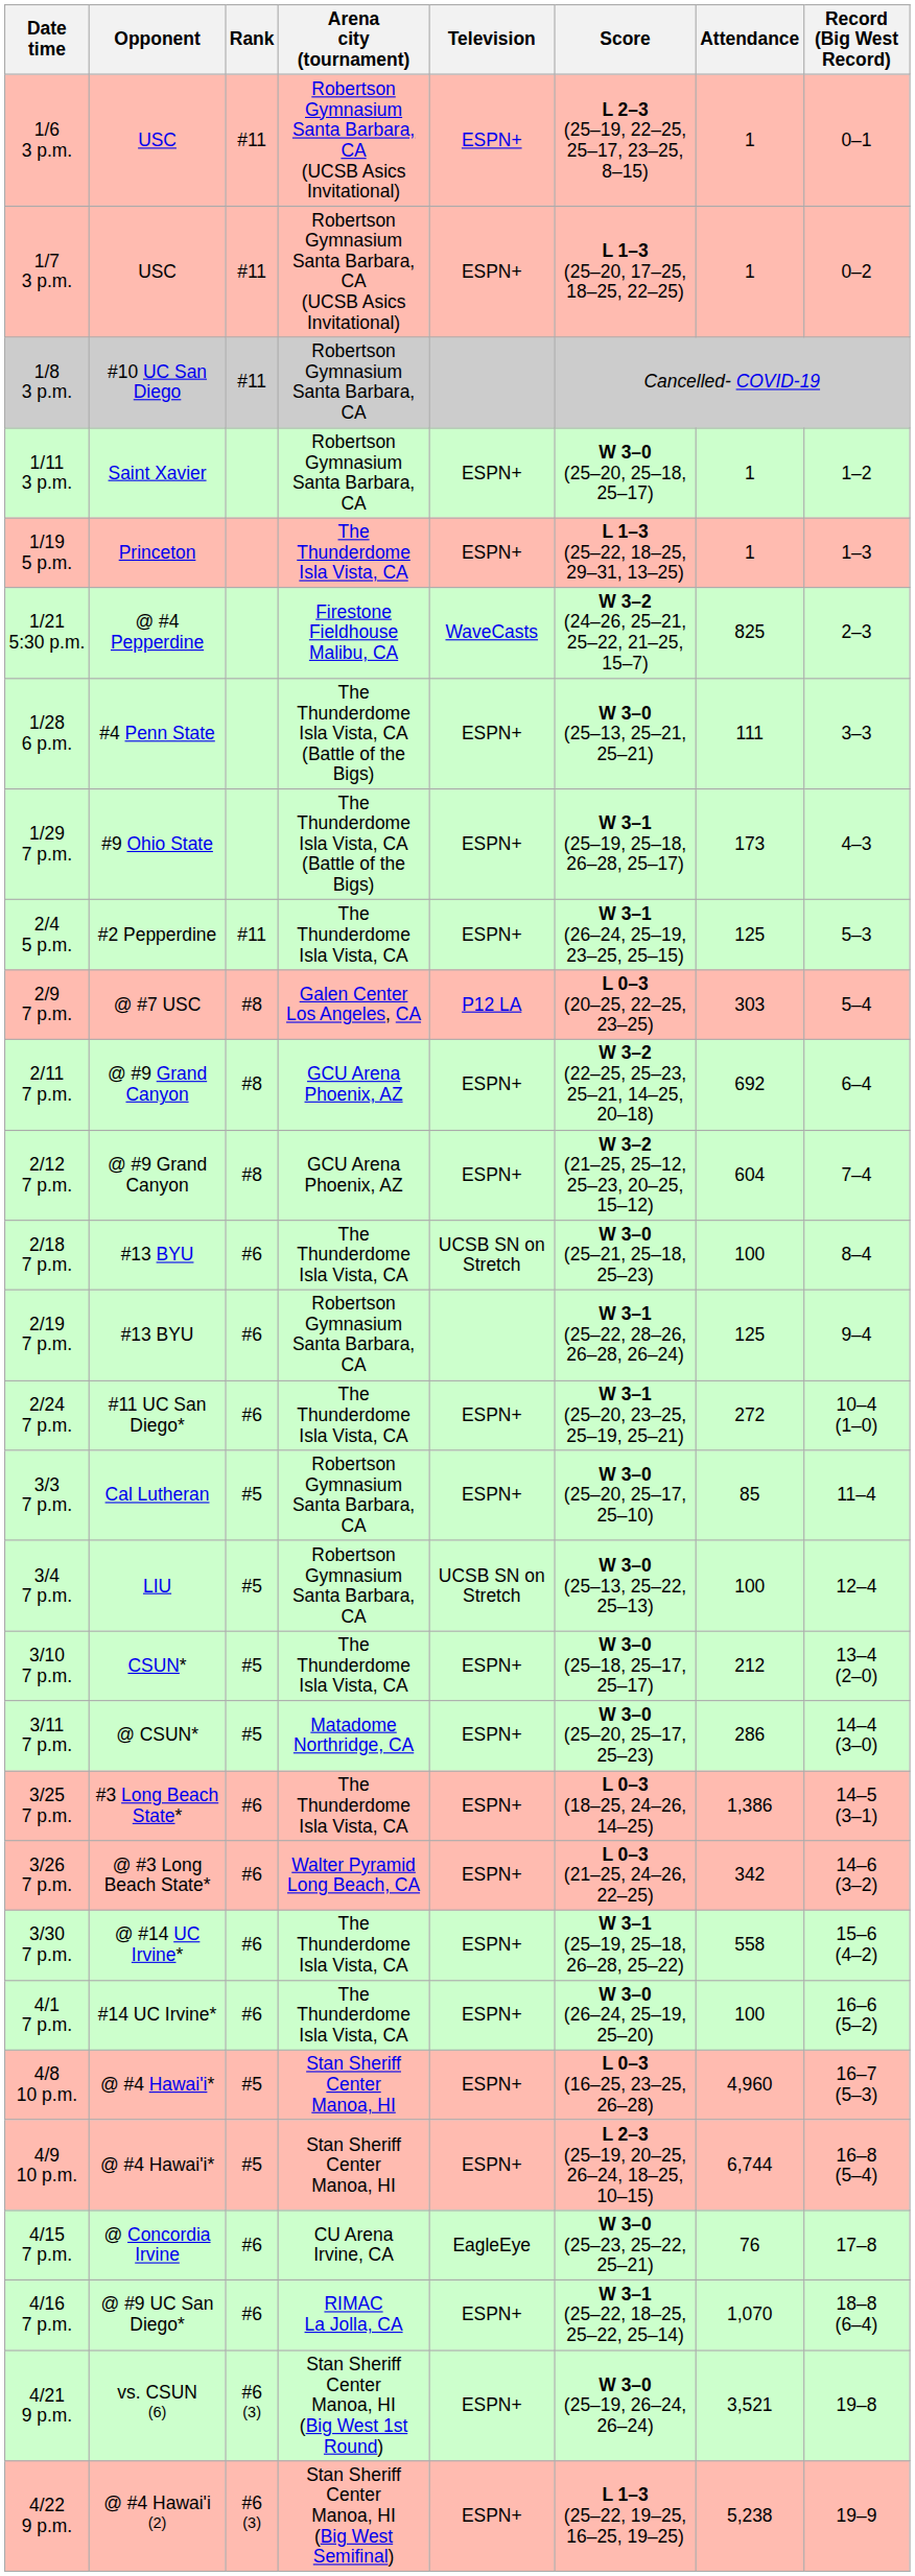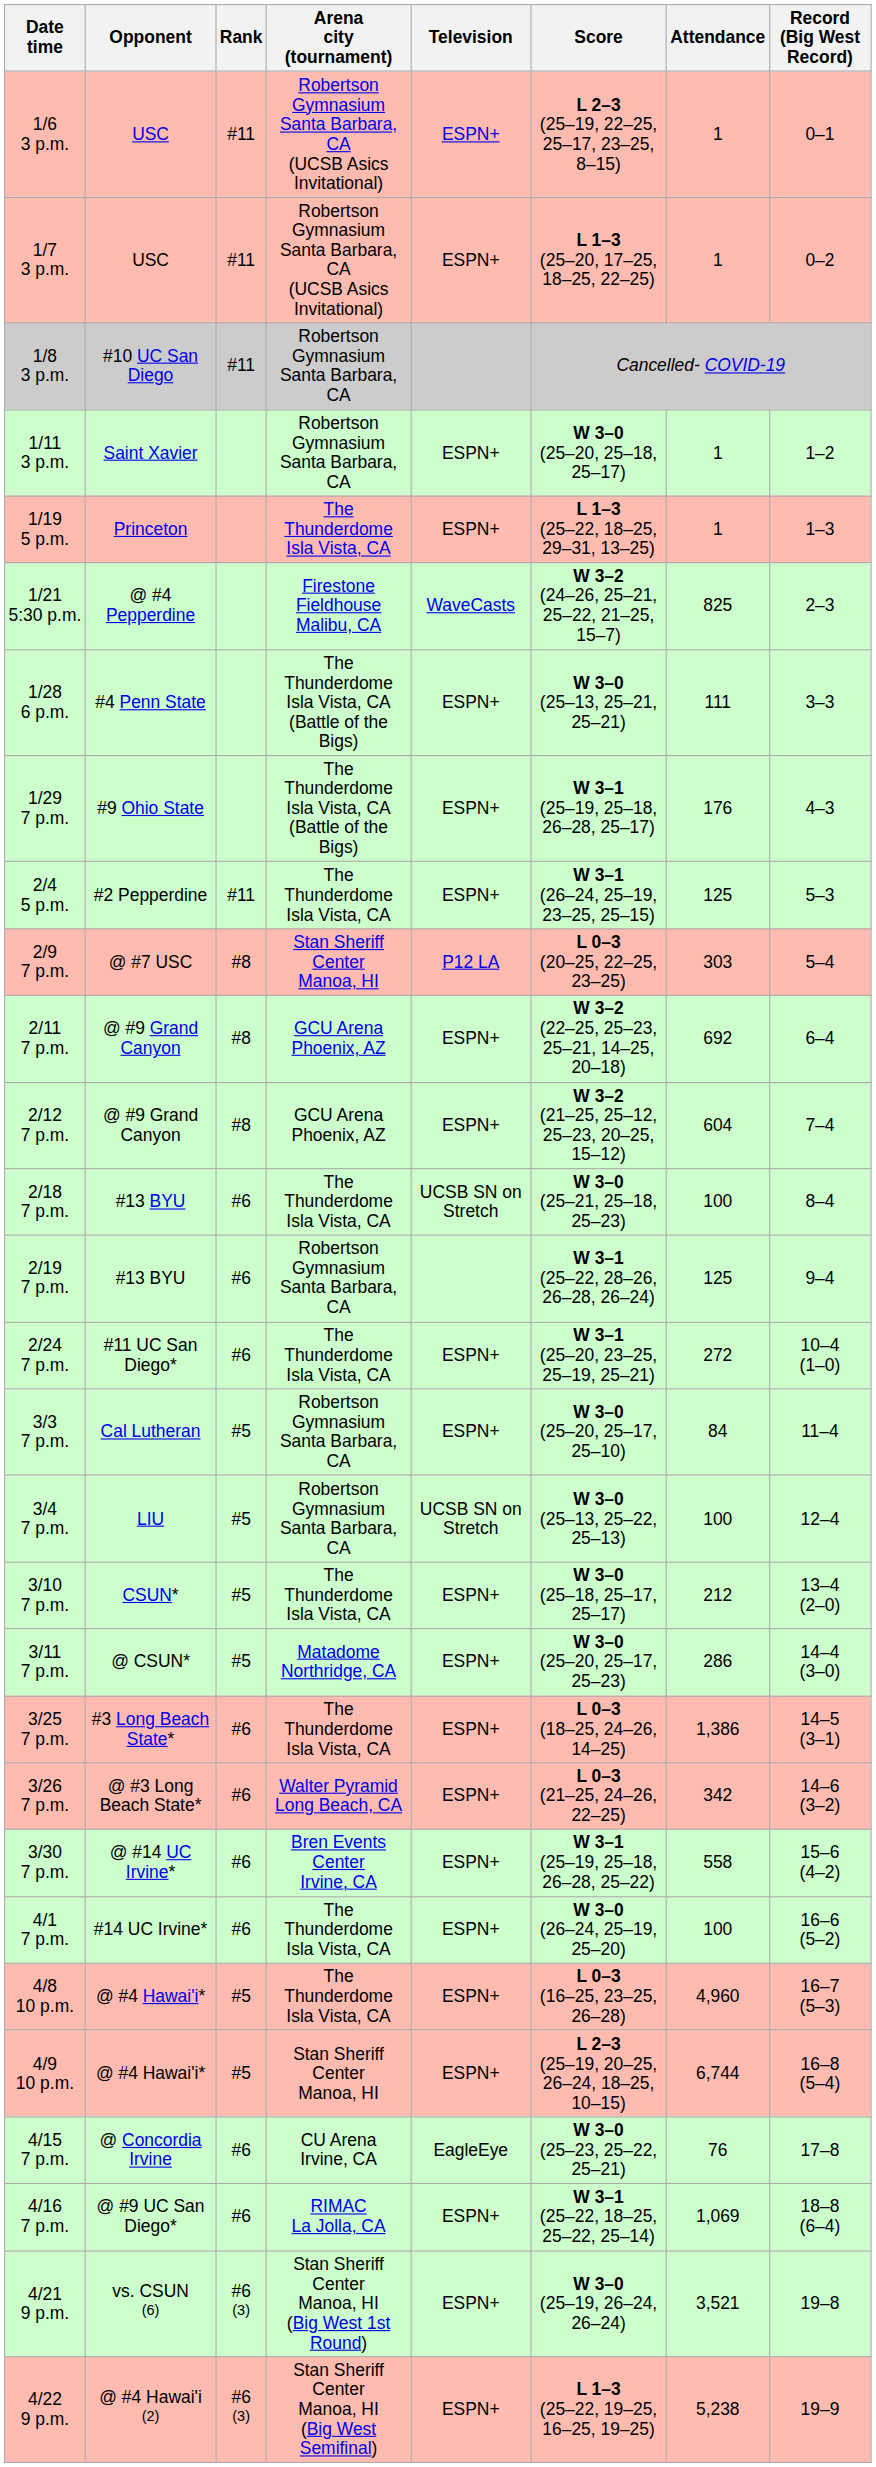 <table class="wikitable sortable" style="width:90%">
 <tr>
 <th>Date<br>time</th>
 <th>Opponent</th>
 <th>Rank</th>
 <th>Arena<br>city<br>(tournament)</th>
 <th>Television</th>
 <th>Score</th>
 <th>Attendance</th>
 <th>Record<br>(Big West Record)</th>
 </tr>
 <tr align="center" bgcolor="#ffbbb">
 <td>1/6<br>3 p.m.</td>
 <td><a href='#'>USC</a></td>
 <td>#11</td>
 <td><a href='#'>Robertson Gymnasium</a><br><a href='#'>Santa Barbara, CA</a><br>(UCSB Asics Invitational)</td>
 <td><a href='#'>ESPN+</a></td>
 <td><strong>L 2–3</strong><br>(25–19, 22–25, 25–17, 23–25, 8–15)</td>
 <td>1</td>
 <td>0–1</td>
 </tr>
 <tr align="center" bgcolor="#ffbbb">
 <td>1/7<br>3 p.m.</td>
 <td>USC</td>
 <td>#11</td>
 <td>Robertson Gymnasium<br>Santa Barbara, CA<br>(UCSB Asics Invitational)</td>
 <td>ESPN+</td>
 <td><strong>L 1–3</strong><br>(25–20, 17–25, 18–25, 22–25) </td>
 <td>1</td>
 <td>0–2</td>
 </tr>
 <tr align="center" bgcolor="#cccccc">
 <td>1/8<br>3 p.m.</td>
 <td>#10 <a href='#'>UC San Diego</a></td>
 <td>#11</td>
 <td>Robertson Gymnasium<br>Santa Barbara, CA</td>
 <td></td>
 <td colspan="3" style="text-align:center;"><em>Cancelled- <a href='#'>COVID-19</a></em></td>
 </tr>
 <tr align="center" bgcolor="#ccffcc">
 <td>1/11<br>3 p.m.</td>
 <td><a href='#'>Saint Xavier</a></td>
 <td></td>
 <td>Robertson Gymnasium<br>Santa Barbara, CA</td>
 <td>ESPN+</td>
 <td><strong>W 3–0</strong><br>(25–20, 25–18, 25–17)</td>
 <td>1</td>
 <td>1–2</td>
 </tr>
 <tr align="center" bgcolor="#ffbbb">
 <td>1/19<br>5 p.m.</td>
 <td><a href='#'>Princeton</a></td>
 <td></td>
 <td><a href='#'>The Thunderdome</a><br><a href='#'>Isla Vista, CA</a></td>
 <td>ESPN+</td>
 <td><strong>L 1–3</strong><br>(25–22, 18–25, 29–31, 13–25)</td>
 <td>1</td>
 <td>1–3</td>
 </tr>
 <tr align="center" bgcolor="#ccffcc">
 <td>1/21<br>5:30 p.m.</td>
 <td>@ #4 <a href='#'>Pepperdine</a></td>
 <td></td>
 <td><a href='#'>Firestone Fieldhouse</a><br><a href='#'>Malibu, CA</a></td>
 <td><a href='#'>WaveCasts</a></td>
 <td><strong>W 3–2</strong><br>(24–26, 25–21, 25–22, 21–25, 15–7)</td>
 <td>825</td>
 <td>2–3</td>
 </tr>
 <tr align="center" bgcolor="#ccffcc">
 <td>1/28<br>6 p.m.</td>
 <td>#4 <a href='#'>Penn State</a></td>
 <td></td>
 <td>The Thunderdome<br>Isla Vista, CA<br>(Battle of the Bigs)</td>
 <td>ESPN+</td>
 <td><strong>W 3–0</strong><br>(25–13, 25–21, 25–21)</td>
 <td>111</td>
 <td>3–3</td>
 </tr>
 <tr align="center" bgcolor="#ccffcc">
 <td>1/29<br>7 p.m.</td>
 <td>#9 <a href='#'>Ohio State</a></td>
 <td></td>
 <td>The Thunderdome<br>Isla Vista, CA<br>(Battle of the Bigs)</td>
 <td>ESPN+</td>
 <td><strong>W 3–1</strong><br>(25–19, 25–18, 26–28, 25–17)</td>
-<td>173</td>
+<td>176</td>
 <td>4–3</td>
 </tr>
 <tr align="center" bgcolor="#ccffcc">
 <td>2/4<br>5 p.m.</td>
 <td>#2 Pepperdine</td>
 <td>#11</td>
 <td>The Thunderdome<br>Isla Vista, CA</td>
 <td>ESPN+</td>
 <td><strong>W 3–1</strong><br>(26–24, 25–19, 23–25, 25–15)</td>
 <td>125</td>
 <td>5–3</td>
 </tr>
 <tr align="center" bgcolor="#ffbbb">
 <td>2/9<br>7 p.m.</td>
 <td>@ #7 USC</td>
 <td>#8</td>
-<td><a href='#'>Galen Center</a><br><a href='#'>Los Angeles</a>, <a href='#'>CA</a></td>
+<td><a href='#'>Stan Sheriff Center</a><br><a href='#'>Manoa, HI</a></td>
 <td><a href='#'>P12 LA</a></td>
 <td><strong>L 0–3</strong><br>(20–25, 22–25, 23–25)</td>
 <td>303</td>
 <td>5–4</td>
 </tr>
 <tr align="center" bgcolor="#ccffcc">
 <td>2/11<br>7 p.m.</td>
 <td>@ #9 <a href='#'>Grand Canyon</a></td>
 <td>#8</td>
 <td><a href='#'>GCU Arena</a><br><a href='#'>Phoenix, AZ</a></td>
 <td>ESPN+</td>
 <td><strong>W 3–2</strong><br>(22–25, 25–23, 25–21, 14–25, 20–18)</td>
 <td>692</td>
 <td>6–4</td>
 </tr>
 <tr align="center" bgcolor="#ccffcc">
 <td>2/12<br>7 p.m.</td>
 <td>@ #9 Grand Canyon</td>
 <td>#8</td>
 <td>GCU Arena<br>Phoenix, AZ</td>
 <td>ESPN+</td>
 <td><strong>W 3–2</strong><br>(21–25, 25–12, 25–23, 20–25, 15–12)</td>
 <td>604</td>
 <td>7–4</td>
 </tr>
 <tr align="center" bgcolor="#ccffcc">
 <td>2/18<br>7 p.m.</td>
 <td>#13 <a href='#'>BYU</a></td>
 <td>#6</td>
 <td>The Thunderdome<br>Isla Vista, CA</td>
 <td>UCSB SN on Stretch</td>
 <td><strong>W 3–0</strong><br>(25–21, 25–18, 25–23)</td>
 <td>100</td>
 <td>8–4</td>
 </tr>
 <tr align="center" bgcolor="#ccffcc">
 <td>2/19<br>7 p.m.</td>
 <td>#13 BYU</td>
 <td>#6</td>
 <td>Robertson Gymnasium<br>Santa Barbara, CA</td>
 <td></td>
 <td><strong>W 3–1</strong><br>(25–22, 28–26, 26–28, 26–24) </td>
 <td>125</td>
 <td>9–4</td>
 </tr>
 <tr align="center" bgcolor="#ccffcc">
 <td>2/24<br>7 p.m.</td>
 <td>#11 UC San Diego*</td>
 <td>#6</td>
 <td>The Thunderdome<br>Isla Vista, CA</td>
 <td>ESPN+</td>
 <td><strong>W 3–1</strong><br>(25–20, 23–25, 25–19, 25–21)</td>
 <td>272</td>
 <td>10–4<br>(1–0)</td>
 </tr>
 <tr align="center" bgcolor="#ccffcc">
 <td>3/3<br>7 p.m.</td>
 <td><a href='#'>Cal Lutheran</a></td>
 <td>#5</td>
 <td>Robertson Gymnasium<br>Santa Barbara, CA</td>
 <td>ESPN+</td>
 <td><strong>W 3–0</strong><br>(25–20, 25–17, 25–10)</td>
-<td>85</td>
+<td>84</td>
 <td>11–4</td>
 </tr>
 <tr align="center" bgcolor="#ccffcc">
 <td>3/4<br>7 p.m.</td>
 <td><a href='#'>LIU</a></td>
 <td>#5</td>
 <td>Robertson Gymnasium<br>Santa Barbara, CA</td>
 <td>UCSB SN on Stretch</td>
 <td><strong>W 3–0</strong><br>(25–13, 25–22, 25–13)</td>
 <td>100</td>
 <td>12–4</td>
 </tr>
 <tr align="center" bgcolor="#ccffcc">
 <td>3/10<br>7 p.m.</td>
 <td><a href='#'>CSUN</a>*</td>
 <td>#5</td>
 <td>The Thunderdome<br>Isla Vista, CA</td>
 <td>ESPN+</td>
 <td><strong>W 3–0</strong><br>(25–18, 25–17, 25–17)</td>
 <td>212</td>
 <td>13–4<br>(2–0)</td>
 </tr>
 <tr align="center" bgcolor="#ccffcc">
 <td>3/11<br>7 p.m.</td>
 <td>@ CSUN*</td>
 <td>#5</td>
 <td><a href='#'>Matadome</a><br><a href='#'>Northridge, CA</a></td>
 <td>ESPN+</td>
 <td><strong>W 3–0</strong><br>(25–20, 25–17, 25–23)</td>
 <td>286</td>
 <td>14–4<br>(3–0)</td>
 </tr>
 <tr align="center" bgcolor="#ffbbb">
 <td>3/25<br>7 p.m.</td>
 <td>#3 <a href='#'>Long Beach State</a>*</td>
 <td>#6</td>
 <td>The Thunderdome<br>Isla Vista, CA</td>
 <td>ESPN+</td>
 <td><strong>L 0–3</strong><br>(18–25, 24–26, 14–25)</td>
 <td>1,386</td>
 <td>14–5<br> (3–1)</td>
 </tr>
 <tr align="center" bgcolor="#ffbbb">
 <td>3/26<br>7 p.m.</td>
 <td>@ #3 Long Beach State*</td>
 <td>#6</td>
 <td><a href='#'>Walter Pyramid</a><br><a href='#'>Long Beach, CA</a></td>
 <td>ESPN+</td>
 <td><strong>L 0–3</strong><br>(21–25, 24–26, 22–25)</td>
 <td>342</td>
 <td>14–6<br>(3–2)</td>
 </tr>
 <tr align="center" bgcolor="#ccffcc">
 <td>3/30<br>7 p.m.</td>
 <td>@ #14 <a href='#'>UC Irvine</a>*</td>
 <td>#6</td>
-<td>The Thunderdome<br>Isla Vista, CA</td>
+<td><a href='#'>Bren Events Center</a><br><a href='#'>Irvine, CA</a></td>
 <td>ESPN+</td>
 <td><strong>W 3–1</strong><br>(25–19, 25–18, 26–28, 25–22)</td>
 <td>558</td>
 <td>15–6<br>(4–2)</td>
 </tr>
 <tr align="center" bgcolor="#ccffcc">
 <td>4/1<br>7 p.m.</td>
 <td>#14 UC Irvine*</td>
 <td>#6</td>
 <td>The Thunderdome<br>Isla Vista, CA</td>
 <td>ESPN+</td>
 <td><strong>W 3–0</strong><br>(26–24, 25–19, 25–20)</td>
 <td>100</td>
 <td>16–6 <br> (5–2)</td>
 </tr>
 <tr align="center" bgcolor="#ffbbb">
 <td>4/8<br>10 p.m.</td>
 <td>@ #4 <a href='#'>Hawai'i</a>*</td>
 <td>#5</td>
-<td><a href='#'>Stan Sheriff Center</a><br><a href='#'>Manoa, HI</a></td>
+<td>The Thunderdome<br>Isla Vista, CA</td>
 <td>ESPN+</td>
 <td><strong>L 0–3</strong><br>(16–25, 23–25, 26–28)</td>
 <td>4,960</td>
 <td>16–7<br> (5–3)</td>
 </tr>
 <tr align="center" bgcolor="#ffbbb">
 <td>4/9<br>10 p.m.</td>
 <td>@ #4 Hawai'i*</td>
 <td>#5</td>
 <td>Stan Sheriff Center<br>Manoa, HI</td>
 <td>ESPN+</td>
 <td><strong>L 2–3</strong><br>(25–19, 20–25, 26–24, 18–25, 10–15)</td>
 <td>6,744</td>
 <td>16–8<br>(5–4)</td>
 </tr>
 <tr align="center" bgcolor="#ccffcc">
 <td>4/15<br>7 p.m.</td>
 <td>@ <a href='#'>Concordia Irvine</a></td>
 <td>#6</td>
 <td>CU Arena<br>Irvine, CA</td>
 <td>EagleEye</td>
 <td><strong>W 3–0</strong><br>(25–23, 25–22, 25–21)</td>
 <td>76</td>
 <td>17–8</td>
 </tr>
 <tr align="center" bgcolor="#ccffcc">
 <td>4/16<br>7 p.m.</td>
 <td>@ #9 UC San Diego*</td>
 <td>#6</td>
 <td><a href='#'>RIMAC</a><br><a href='#'>La Jolla, CA</a></td>
 <td>ESPN+</td>
 <td><strong>W 3–1</strong><br>(25–22, 18–25, 25–22, 25–14)</td>
-<td>1,070</td>
+<td>1,069</td>
 <td>18–8<br>(6–4)</td>
 </tr>
 <tr align="center" bgcolor="#ccffcc">
 <td>4/21<br>9 p.m.</td>
 <td>vs. CSUN <br> <sup>(6)</sup></td>
 <td>#6 <br> <sup>(3)</sup></td>
 <td>Stan Sheriff Center<br>Manoa, HI<br>(<a href='#'>Big West 1st Round</a>)</td>
 <td>ESPN+</td>
 <td><strong>W 3–0</strong><br>(25–19, 26–24, 26–24)</td>
 <td>3,521</td>
 <td>19–8</td>
 </tr>
 <tr align="center" bgcolor="#ffbbb">
 <td>4/22<br>9 p.m.</td>
 <td>@ #4 Hawai'i <br> <sup>(2)</sup></td>
 <td>#6 <br> <sup>(3)</sup></td>
 <td>Stan Sheriff Center<br>Manoa, HI<br>(<a href='#'>Big West Semifinal</a>)</td>
 <td>ESPN+</td>
 <td><strong>L 1–3</strong><br>(25–22, 19–25, 16–25, 19–25)</td>
 <td>5,238</td>
 <td>19–9</td>
 </tr>
 </table>
